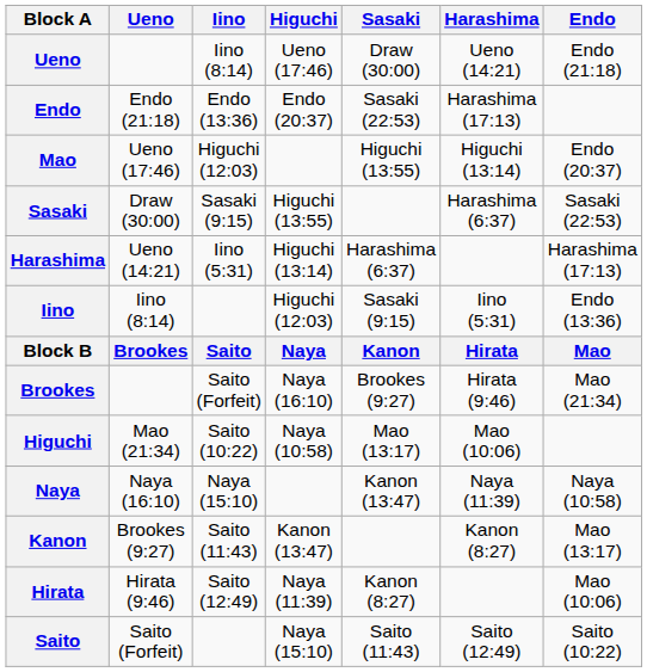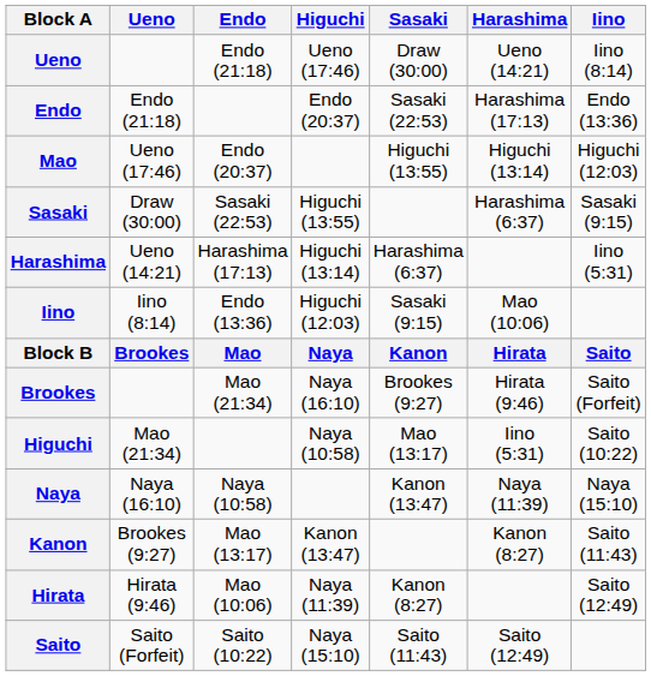 <table class="wikitable" style="margin: 1em auto 1em auto">
 <tr align="center">
 <th>Block A</th>
 <th><a href='#'>Ueno</a></th>
-<th><a href='#'>Iino</a></th>
+<th><a href='#'>Endo</a></th>
 <th><a href='#'>Higuchi</a></th>
 <th><a href='#'>Sasaki</a></th>
 <th><a href='#'>Harashima</a></th>
-<th><a href='#'>Endo</a></th>
+<th><a href='#'>Iino</a></th>
 </tr>
 <tr align="center">
 <th><a href='#'>Ueno</a></th>
 <td></td>
-<td>Iino<br>(8:14)</td>
+<td>Endo<br>(21:18)</td>
 <td>Ueno<br>(17:46)</td>
 <td>Draw<br>(30:00)</td>
 <td>Ueno<br>(14:21)</td>
-<td>Endo<br>(21:18)</td>
+<td>Iino<br>(8:14)</td>
 </tr>
 <tr align="center">
 <th><a href='#'>Endo</a></th>
 <td>Endo<br>(21:18)</td>
-<td>Endo<br>(13:36)</td>
+<td></td>
 <td>Endo<br>(20:37)</td>
 <td>Sasaki<br>(22:53)</td>
 <td>Harashima<br>(17:13)</td>
-<td></td>
+<td>Endo<br>(13:36)</td>
 </tr>
 <tr align="center">
 <th><a href='#'>Mao</a></th>
 <td>Ueno<br>(17:46)</td>
-<td>Higuchi<br>(12:03)</td>
+<td>Endo<br>(20:37)</td>
 <td></td>
 <td>Higuchi<br>(13:55)</td>
 <td>Higuchi<br>(13:14)</td>
-<td>Endo<br>(20:37)</td>
+<td>Higuchi<br>(12:03)</td>
 </tr>
 <tr align="center">
 <th><a href='#'>Sasaki</a></th>
 <td>Draw<br>(30:00)</td>
-<td>Sasaki<br>(9:15)</td>
+<td>Sasaki<br>(22:53)</td>
 <td>Higuchi<br>(13:55)</td>
 <td></td>
 <td>Harashima<br>(6:37)</td>
-<td>Sasaki<br>(22:53)</td>
+<td>Sasaki<br>(9:15)</td>
 </tr>
 <tr align="center">
 <th><a href='#'>Harashima</a></th>
 <td>Ueno<br>(14:21)</td>
-<td>Iino<br>(5:31)</td>
+<td>Harashima<br>(17:13)</td>
 <td>Higuchi<br>(13:14)</td>
 <td>Harashima<br>(6:37)</td>
 <td></td>
-<td>Harashima<br>(17:13)</td>
+<td>Iino<br>(5:31)</td>
 </tr>
 <tr align="center">
 <th><a href='#'>Iino</a></th>
 <td>Iino<br>(8:14)</td>
-<td></td>
+<td>Endo<br>(13:36)</td>
 <td>Higuchi<br>(12:03)</td>
 <td>Sasaki<br>(9:15)</td>
-<td>Iino<br>(5:31)</td>
-<td>Endo<br>(13:36)</td>
+<td>Mao<br>(10:06)</td>
+<td></td>
 </tr>
 <tr align="center">
 <th>Block B</th>
 <th><a href='#'>Brookes</a></th>
-<th><a href='#'>Saito</a></th>
+<th><a href='#'>Mao</a></th>
 <th><a href='#'>Naya</a></th>
 <th><a href='#'>Kanon</a></th>
 <th><a href='#'>Hirata</a></th>
-<th><a href='#'>Mao</a></th>
+<th><a href='#'>Saito</a></th>
 </tr>
 <tr align="center">
 <th><a href='#'>Brookes</a></th>
 <td></td>
-<td>Saito<br>(Forfeit)</td>
+<td>Mao<br>(21:34)</td>
 <td>Naya<br>(16:10)</td>
 <td>Brookes<br>(9:27)</td>
 <td>Hirata<br>(9:46)</td>
-<td>Mao<br>(21:34)</td>
+<td>Saito<br>(Forfeit)</td>
 </tr>
 <tr align="center">
 <th><a href='#'>Higuchi</a></th>
 <td>Mao<br>(21:34)</td>
-<td>Saito<br>(10:22)</td>
+<td></td>
 <td>Naya<br>(10:58)</td>
 <td>Mao<br>(13:17)</td>
-<td>Mao<br>(10:06)</td>
-<td></td>
+<td>Iino<br>(5:31)</td>
+<td>Saito<br>(10:22)</td>
 </tr>
 <tr align="center">
 <th><a href='#'>Naya</a></th>
 <td>Naya<br>(16:10)</td>
-<td>Naya<br>(15:10)</td>
+<td>Naya<br>(10:58)</td>
 <td></td>
 <td>Kanon<br>(13:47)</td>
 <td>Naya<br>(11:39)</td>
-<td>Naya<br>(10:58)</td>
+<td>Naya<br>(15:10)</td>
 </tr>
 <tr align="center">
 <th><a href='#'>Kanon</a></th>
 <td>Brookes<br>(9:27)</td>
-<td>Saito<br>(11:43)</td>
+<td>Mao<br>(13:17)</td>
 <td>Kanon<br>(13:47)</td>
 <td></td>
 <td>Kanon<br>(8:27)</td>
-<td>Mao<br>(13:17)</td>
+<td>Saito<br>(11:43)</td>
 </tr>
 <tr align="center">
 <th><a href='#'>Hirata</a></th>
 <td>Hirata<br>(9:46)</td>
-<td>Saito<br>(12:49)</td>
+<td>Mao<br>(10:06)</td>
 <td>Naya<br>(11:39)</td>
 <td>Kanon<br>(8:27)</td>
 <td></td>
-<td>Mao<br>(10:06)</td>
+<td>Saito<br>(12:49)</td>
 </tr>
 <tr align="center">
 <th><a href='#'>Saito</a></th>
 <td>Saito<br>(Forfeit)</td>
-<td></td>
+<td>Saito<br>(10:22)</td>
 <td>Naya<br>(15:10)</td>
 <td>Saito<br>(11:43)</td>
 <td>Saito<br>(12:49)</td>
-<td>Saito<br>(10:22)</td>
+<td></td>
 </tr>
 </table>
